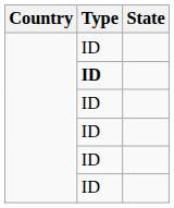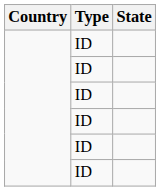 <table class="wikitable">
 <tr>
 <th>Country</th>
 <th>Type</th>
 <th>State</th>
 </tr>
 <tr>
 <td rowspan="6"></td>
 <td>ID</td>
 <td></td>
 </tr>
 <tr>
-<td><strong>ID</strong></td>
+<td>ID</td>
 <td></td>
 </tr>
 <tr>
 <td>ID</td>
 <td></td>
 </tr>
 <tr>
 <td>ID</td>
 <td></td>
 </tr>
 <tr>
 <td>ID</td>
 <td></td>
 </tr>
 <tr>
 <td>ID</td>
 <td></td>
 </tr>
 </table>
